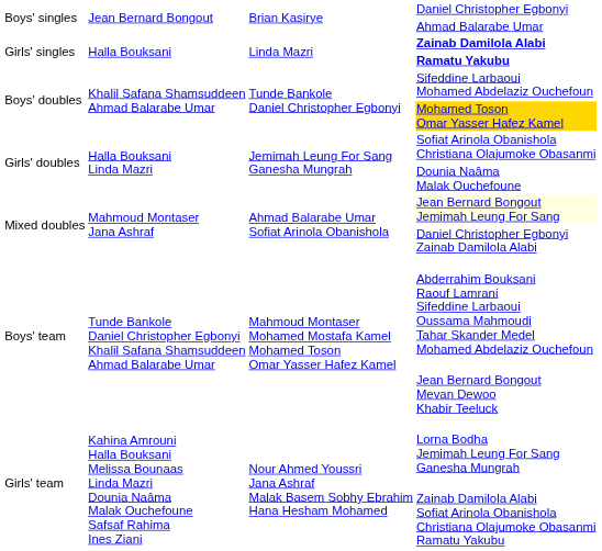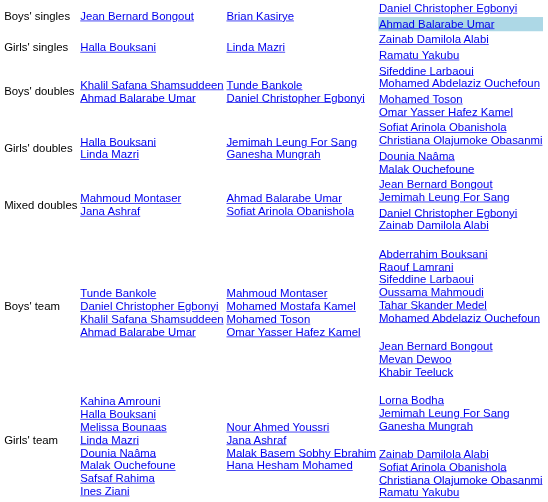 <table>
 <tr>
 <td rowspan=2>Boys' singles</td>
 <td rowspan=2> <a href='#'>Jean Bernard Bongout</a></td>
 <td rowspan=2> <a href='#'>Brian Kasirye</a></td>
 <td> <a href='#'>Daniel Christopher Egbonyi</a></td>
 </tr>
 <tr>
-<td> <a href='#'>Ahmad Balarabe Umar</a></td>
+<td style="background: lightblue;"> <a href='#'>Ahmad Balarabe Umar</a></td>
 </tr>
 <tr>
 <td rowspan=2>Girls' singles</td>
 <td rowspan=2> <a href='#'>Halla Bouksani</a></td>
 <td rowspan=2> <a href='#'>Linda Mazri</a></td>
-<td><strong> <a href='#'>Zainab Damilola Alabi</a></strong></td>
+<td> <a href='#'>Zainab Damilola Alabi</a></td>
 </tr>
 <tr>
-<td><strong> <a href='#'>Ramatu Yakubu</a></strong></td>
+<td> <a href='#'>Ramatu Yakubu</a></td>
 </tr>
 <tr>
 <td rowspan=2>Boys' doubles</td>
 <td rowspan=2> <a href='#'>Khalil Safana Shamsuddeen</a><br> <a href='#'>Ahmad Balarabe Umar</a></td>
 <td rowspan=2> <a href='#'>Tunde Bankole</a><br> <a href='#'>Daniel Christopher Egbonyi</a></td>
 <td> <a href='#'>Sifeddine Larbaoui</a><br> <a href='#'>Mohamed Abdelaziz Ouchefoun</a></td>
 </tr>
 <tr>
-<td style="background: gold;"> <a href='#'>Mohamed Toson</a><br> <a href='#'>Omar Yasser Hafez Kamel</a></td>
+<td> <a href='#'>Mohamed Toson</a><br> <a href='#'>Omar Yasser Hafez Kamel</a></td>
 </tr>
 <tr>
 <td rowspan=2>Girls' doubles</td>
 <td rowspan=2> <a href='#'>Halla Bouksani</a><br> <a href='#'>Linda Mazri</a></td>
 <td rowspan=2> <a href='#'>Jemimah Leung For Sang</a><br> <a href='#'>Ganesha Mungrah</a></td>
 <td> <a href='#'>Sofiat Arinola Obanishola</a><br> <a href='#'>Christiana Olajumoke Obasanmi</a></td>
 </tr>
 <tr>
 <td> <a href='#'>Dounia Naâma</a><br> <a href='#'>Malak Ouchefoune</a></td>
 </tr>
 <tr>
 <td rowspan=2>Mixed doubles</td>
 <td rowspan=2> <a href='#'>Mahmoud Montaser</a><br> <a href='#'>Jana Ashraf</a></td>
 <td rowspan=2> <a href='#'>Ahmad Balarabe Umar</a><br> <a href='#'>Sofiat Arinola Obanishola</a></td>
-<td style="background: lightyellow;"> <a href='#'>Jean Bernard Bongout</a><br> <a href='#'>Jemimah Leung For Sang</a></td>
+<td> <a href='#'>Jean Bernard Bongout</a><br> <a href='#'>Jemimah Leung For Sang</a></td>
 </tr>
 <tr>
 <td> <a href='#'>Daniel Christopher Egbonyi</a><br> <a href='#'>Zainab Damilola Alabi</a></td>
 </tr>
 <tr>
 <td rowspan=2>Boys' team</td>
 <td rowspan=2><br><a href='#'>Tunde Bankole</a><br><a href='#'>Daniel Christopher Egbonyi</a><br><a href='#'>Khalil Safana Shamsuddeen</a><br><a href='#'>Ahmad Balarabe Umar</a></td>
 <td rowspan=2><br><a href='#'>Mahmoud Montaser</a><br><a href='#'>Mohamed Mostafa Kamel</a><br><a href='#'>Mohamed Toson</a><br><a href='#'>Omar Yasser Hafez Kamel</a></td>
 <td><br><a href='#'>Abderrahim Bouksani</a><br><a href='#'>Raouf Lamrani</a><br><a href='#'>Sifeddine Larbaoui</a><br><a href='#'>Oussama Mahmoudi</a><br><a href='#'>Tahar Skander Medel</a><br><a href='#'>Mohamed Abdelaziz Ouchefoun</a></td>
 </tr>
 <tr>
 <td><br><a href='#'>Jean Bernard Bongout</a><br><a href='#'>Mevan Dewoo</a><br><a href='#'>Khabir Teeluck</a></td>
 </tr>
 <tr>
 <td rowspan=2>Girls' team</td>
 <td rowspan=2><br><a href='#'>Kahina Amrouni</a><br><a href='#'>Halla Bouksani</a><br><a href='#'>Melissa Bounaas</a><br><a href='#'>Linda Mazri</a><br><a href='#'>Dounia Naâma</a><br><a href='#'>Malak Ouchefoune</a><br><a href='#'>Safsaf Rahima</a><br><a href='#'>Ines Ziani</a></td>
 <td rowspan=2><br><a href='#'>Nour Ahmed Youssri</a><br><a href='#'>Jana Ashraf</a><br><a href='#'>Malak Basem Sobhy Ebrahim</a><br><a href='#'>Hana Hesham Mohamed</a></td>
 <td><br><a href='#'>Lorna Bodha</a><br><a href='#'>Jemimah Leung For Sang</a><br><a href='#'>Ganesha Mungrah</a></td>
 </tr>
 <tr>
 <td><br><a href='#'>Zainab Damilola Alabi</a><br><a href='#'>Sofiat Arinola Obanishola</a><br><a href='#'>Christiana Olajumoke Obasanmi</a><br><a href='#'>Ramatu Yakubu</a></td>
 </tr>
 </table>
